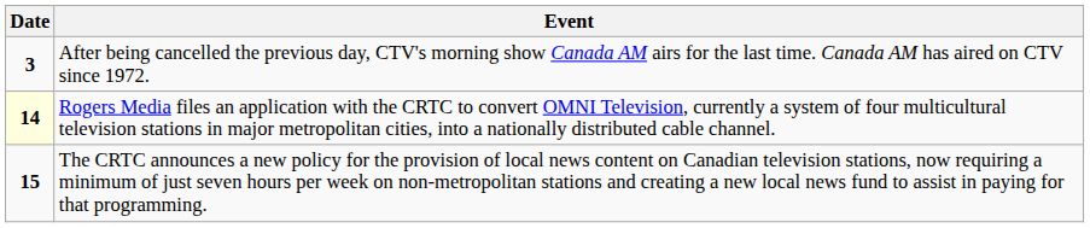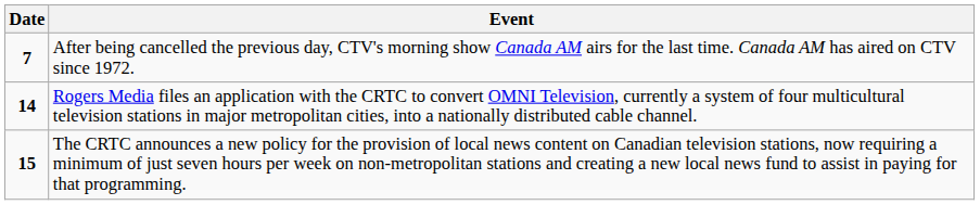 <table class="wikitable">
 <tr>
 <th>Date</th>
 <th>Event</th>
 </tr>
 <tr>
-<td style="text-align:center;"><strong>3</strong></td>
+<td style="text-align:center;"><strong>7</strong></td>
 <td>After being cancelled the previous day, CTV's morning show <em><a href='#'>Canada AM</a></em> airs for the last time. <em>Canada AM</em> has aired on CTV since 1972.</td>
 </tr>
 <tr>
-<td style="background: lightyellow; text-align:center;"><strong>14</strong></td>
+<td style="text-align:center;"><strong>14</strong></td>
 <td><a href='#'>Rogers Media</a> files an application with the CRTC to convert <a href='#'>OMNI Television</a>, currently a system of four multicultural television stations in major metropolitan cities, into a nationally distributed cable channel.</td>
 </tr>
 <tr>
 <td style="text-align:center;"><strong>15</strong></td>
 <td>The CRTC announces a new policy for the provision of local news content on Canadian television stations, now requiring a minimum of just seven hours per week on non-metropolitan stations and creating a new local news fund to assist in paying for that programming.</td>
 </tr>
 </table>
